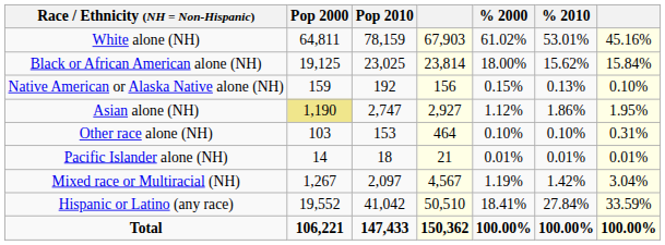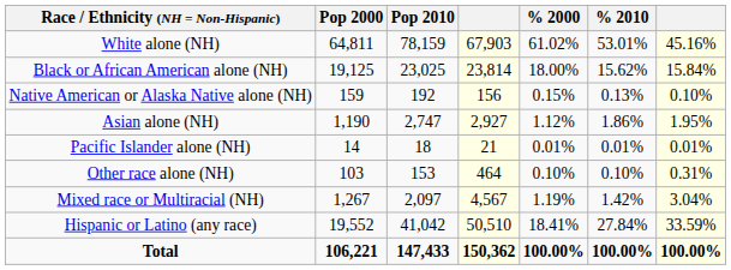 <table class="wikitable" style="text-align:center;">
 <tr>
 <th>Race / Ethnicity <small>(<em>NH = Non-Hispanic</em>)</small></th>
 <th>Pop 2000</th>
 <th>Pop 2010</th>
 <th></th>
 <th>% 2000</th>
 <th>% 2010</th>
 <th></th>
 </tr>
 <tr>
 <td><a href='#'>White</a> alone (NH)</td>
 <td>64,811</td>
 <td>78,159</td>
 <td style='background: #ffffe6;'>67,903</td>
 <td>61.02%</td>
 <td>53.01%</td>
 <td style='background: #ffffe6;'>45.16%</td>
 </tr>
 <tr>
 <td><a href='#'>Black or African American</a> alone (NH)</td>
 <td>19,125</td>
 <td>23,025</td>
 <td style='background: #ffffe6;'>23,814</td>
 <td>18.00%</td>
 <td>15.62%</td>
 <td style='background: #ffffe6;'>15.84%</td>
 </tr>
 <tr>
 <td><a href='#'>Native American</a> or <a href='#'>Alaska Native</a> alone (NH)</td>
 <td>159</td>
 <td>192</td>
 <td style='background: #ffffe6;'>156</td>
 <td>0.15%</td>
 <td>0.13%</td>
 <td style='background: #ffffe6;'>0.10%</td>
 </tr>
 <tr>
 <td><a href='#'>Asian</a> alone (NH)</td>
-<td style="background: khaki;">1,190</td>
+<td>1,190</td>
 <td>2,747</td>
 <td style='background: #ffffe6;'>2,927</td>
 <td>1.12%</td>
 <td>1.86%</td>
 <td style='background: #ffffe6;'>1.95%</td>
+</tr>
+<tr>
+<td><a href='#'>Pacific Islander</a> alone (NH)</td>
+<td>14</td>
+<td>18</td>
+<td style='background: #ffffe6;'>21</td>
+<td>0.01%</td>
+<td>0.01%</td>
+<td style='background: #ffffe6;'>0.01%</td>
 </tr>
 <tr>
 <td><a href='#'>Other race</a> alone (NH)</td>
 <td>103</td>
 <td>153</td>
 <td style='background: #ffffe6;'>464</td>
 <td>0.10%</td>
 <td>0.10%</td>
 <td style='background: #ffffe6;'>0.31%</td>
-</tr>
-<tr>
-<td><a href='#'>Pacific Islander</a> alone (NH)</td>
-<td>14</td>
-<td>18</td>
-<td style='background: #ffffe6;'>21</td>
-<td>0.01%</td>
-<td>0.01%</td>
-<td style='background: #ffffe6;'>0.01%</td>
 </tr>
 <tr>
 <td><a href='#'>Mixed race or Multiracial</a> (NH)</td>
 <td>1,267</td>
 <td>2,097</td>
 <td style='background: #ffffe6;'>4,567</td>
 <td>1.19%</td>
 <td>1.42%</td>
 <td style='background: #ffffe6;'>3.04%</td>
 </tr>
 <tr>
 <td><a href='#'>Hispanic or Latino</a> (any race)</td>
 <td>19,552</td>
 <td>41,042</td>
 <td style='background: #ffffe6;'>50,510</td>
 <td>18.41%</td>
 <td>27.84%</td>
 <td style='background: #ffffe6;'>33.59%</td>
 </tr>
 <tr>
 <td><strong>Total</strong></td>
 <td><strong>106,221</strong></td>
 <td><strong>147,433</strong></td>
 <td style='background: #ffffe6;'><strong>150,362</strong></td>
 <td><strong>100.00%</strong></td>
 <td><strong>100.00%</strong></td>
 <td style='background: #ffffe6;'><strong>100.00%</strong></td>
 </tr>
 </table>
